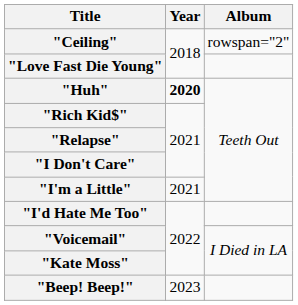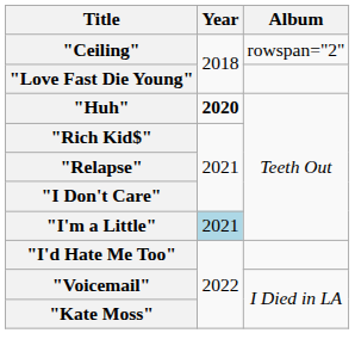 <table class="wikitable plainrowheaders" style="text-align:center;">
 <tr>
 <th scope="col">Title</th>
 <th scope="col">Year</th>
 <th scope="col">Album</th>
 </tr>
 <tr>
 <th scope="row">"Ceiling"</th>
 <td rowspan="2">2018</td>
 <td>rowspan="2" </td>
 </tr>
 <tr>
 <th scope="row">"Love Fast Die Young"</th>
 </tr>
 <tr>
 <th scope="row">"Huh"</th>
 <td><strong>2020</strong></td>
 <td rowspan="5"><em>Teeth Out</em></td>
 </tr>
 <tr>
 <th scope="row">"Rich Kid$"</th>
 <td rowspan="3">2021</td>
 </tr>
 <tr>
 <th scope="row">"Relapse"</th>
 </tr>
 <tr>
 <th scope="row">"I Don't Care"</th>
 </tr>
 <tr>
 <th scope="row">"I'm a Little"</th>
-<td>2021</td>
+<td style="background: lightblue;">2021</td>
 </tr>
 <tr>
 <th scope="row">"I'd Hate Me Too"</th>
 <td rowspan="3">2022</td>
 <td></td>
 </tr>
 <tr>
 <th scope="row">"Voicemail"</th>
 <td rowspan="2"><em>I Died in LA</em></td>
 </tr>
 <tr>
 <th scope="row">"Kate Moss"</th>
 </tr>
-<tr>
-<th scope="row">"Beep! Beep!"</th>
-<td>2023</td>
-<td></td>
-</tr>
 </table>
